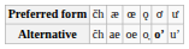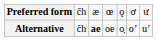 <table class="wikitable" style=text-align:center>
 <tr>
 <th>Preferred form</th>
 <td>čh</td>
 <td>æ</td>
 <td>œ</td>
 <td>ǫ</td>
 <td>ơ</td>
 <td>ư</td>
 </tr>
 <tr>
 <th>Alternative</th>
 <td>ĉh</td>
-<td>ae</td>
+<td><strong>ae</strong></td>
 <td>oe</td>
 <td>o̦</td>
-<td><strong>oʼ</strong></td>
+<td>oʼ</td>
 <td>uʼ</td>
 </tr>
 </table>
